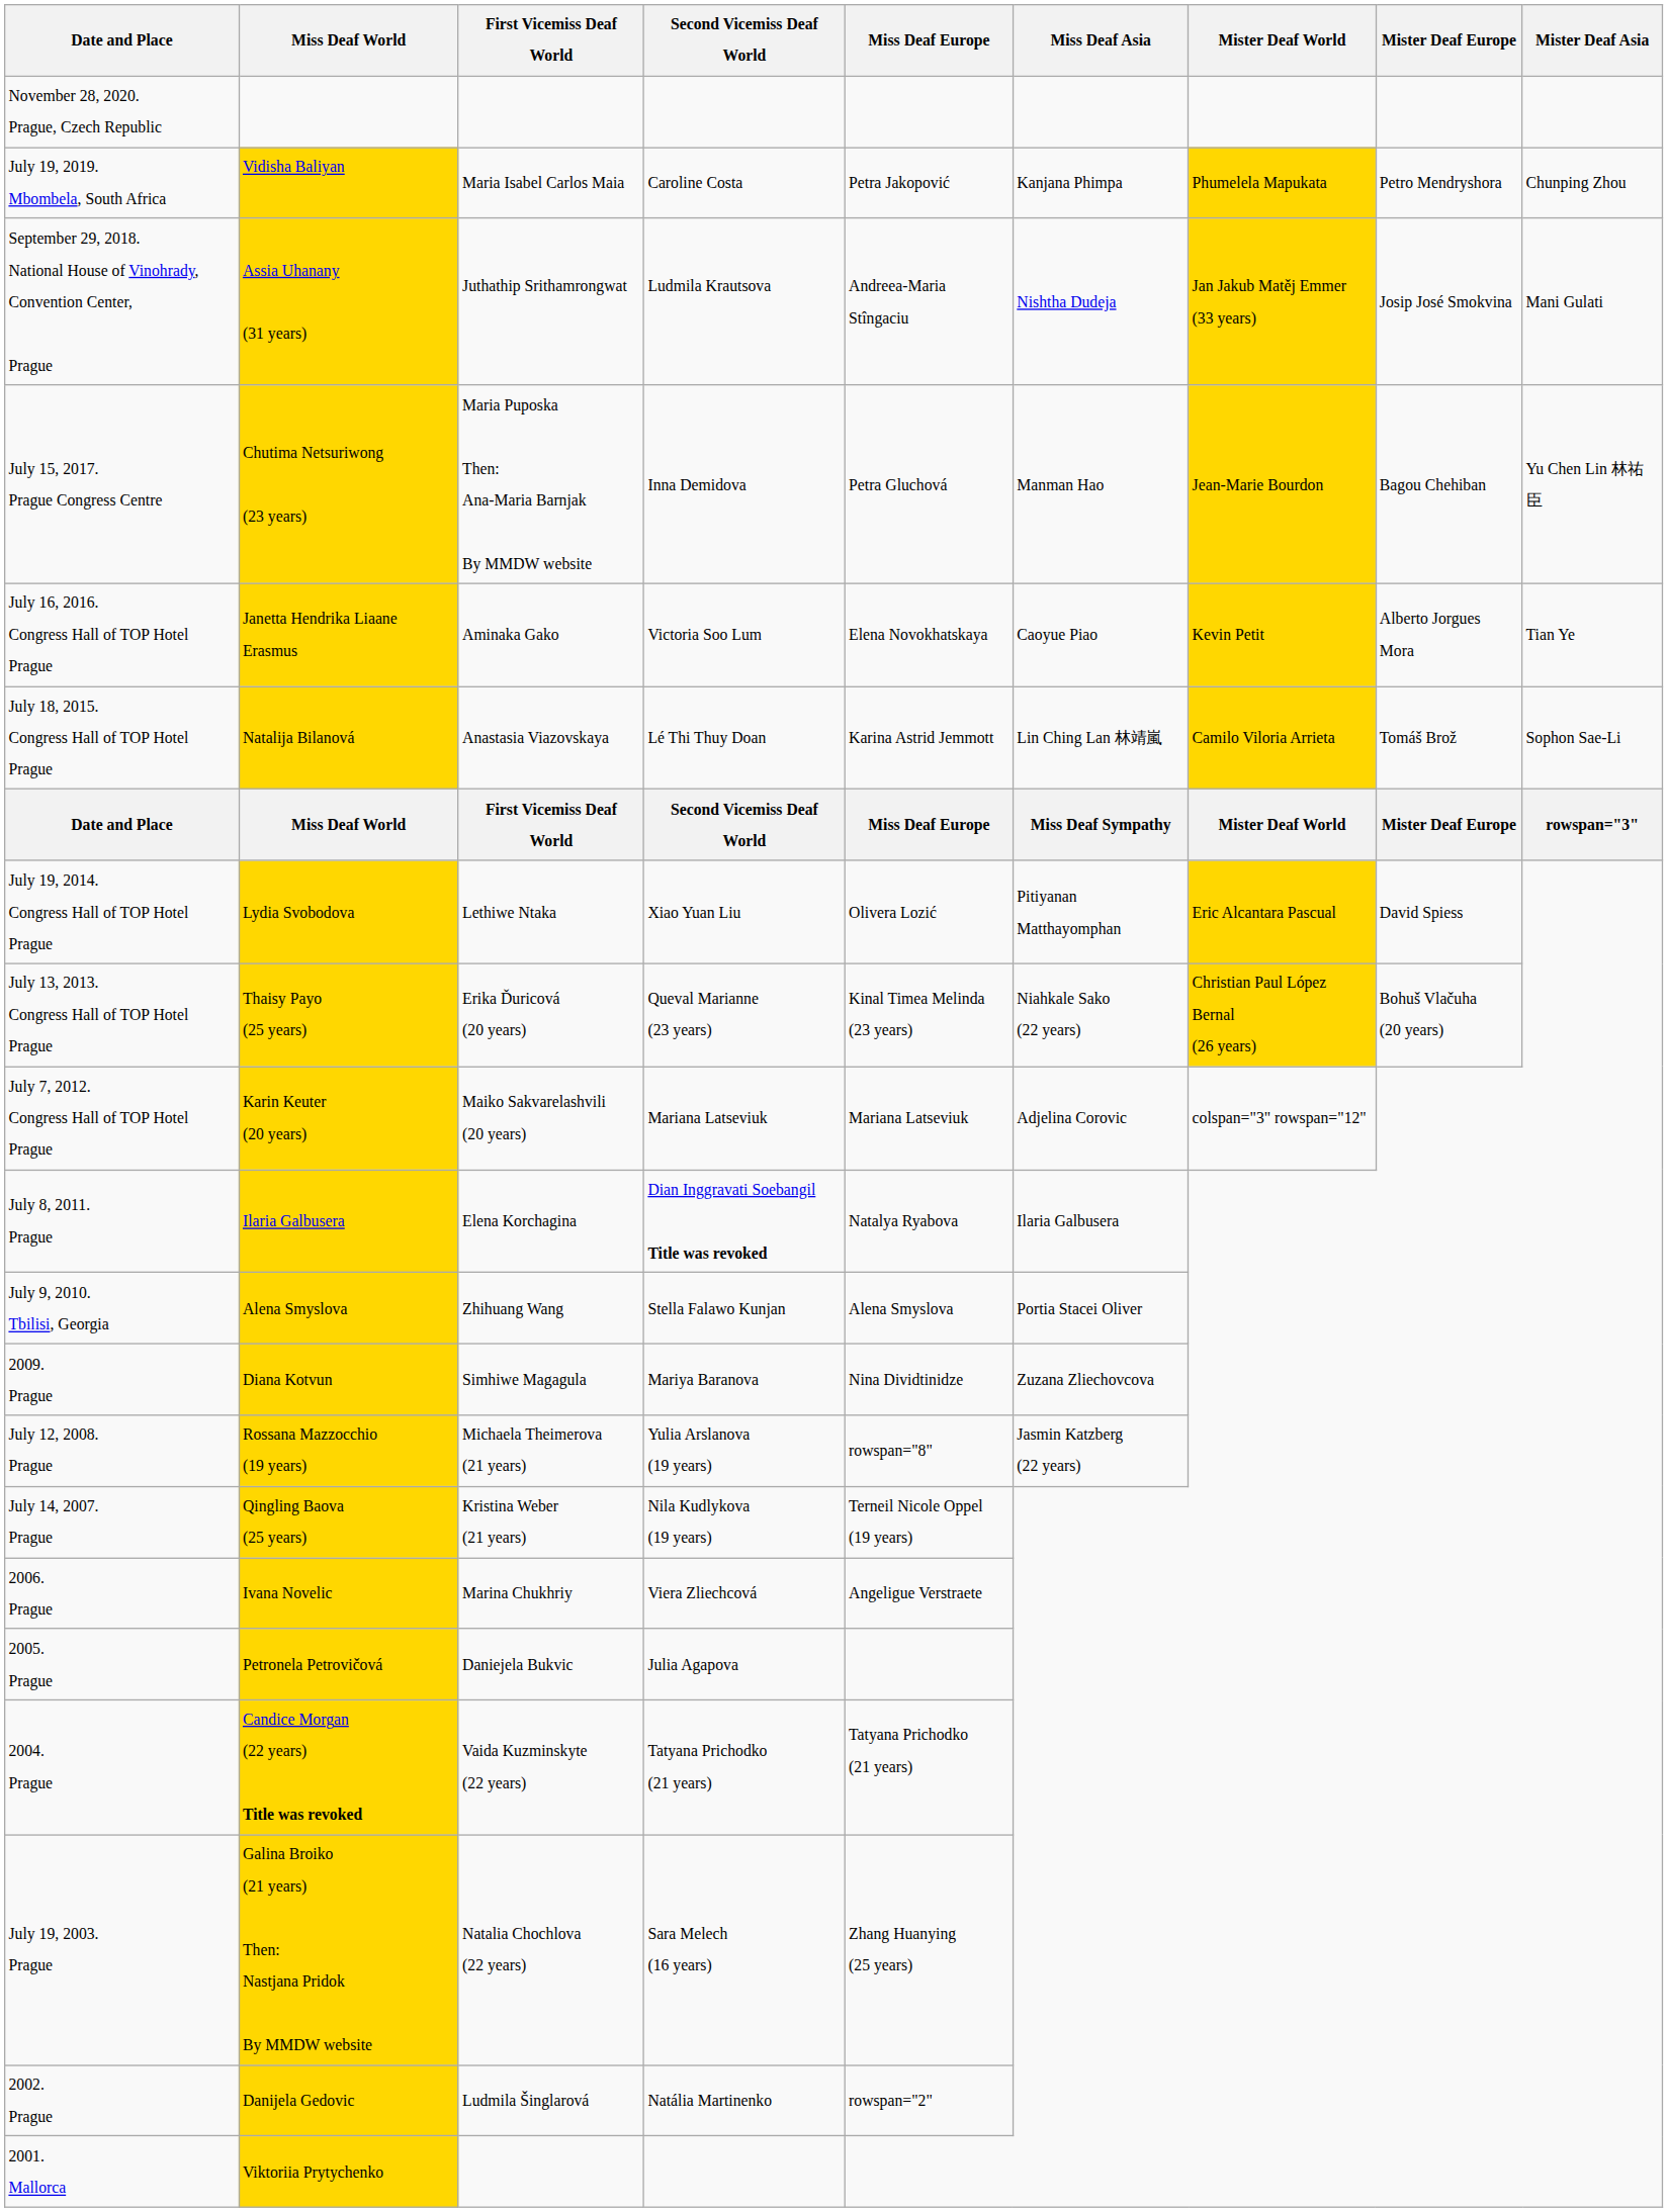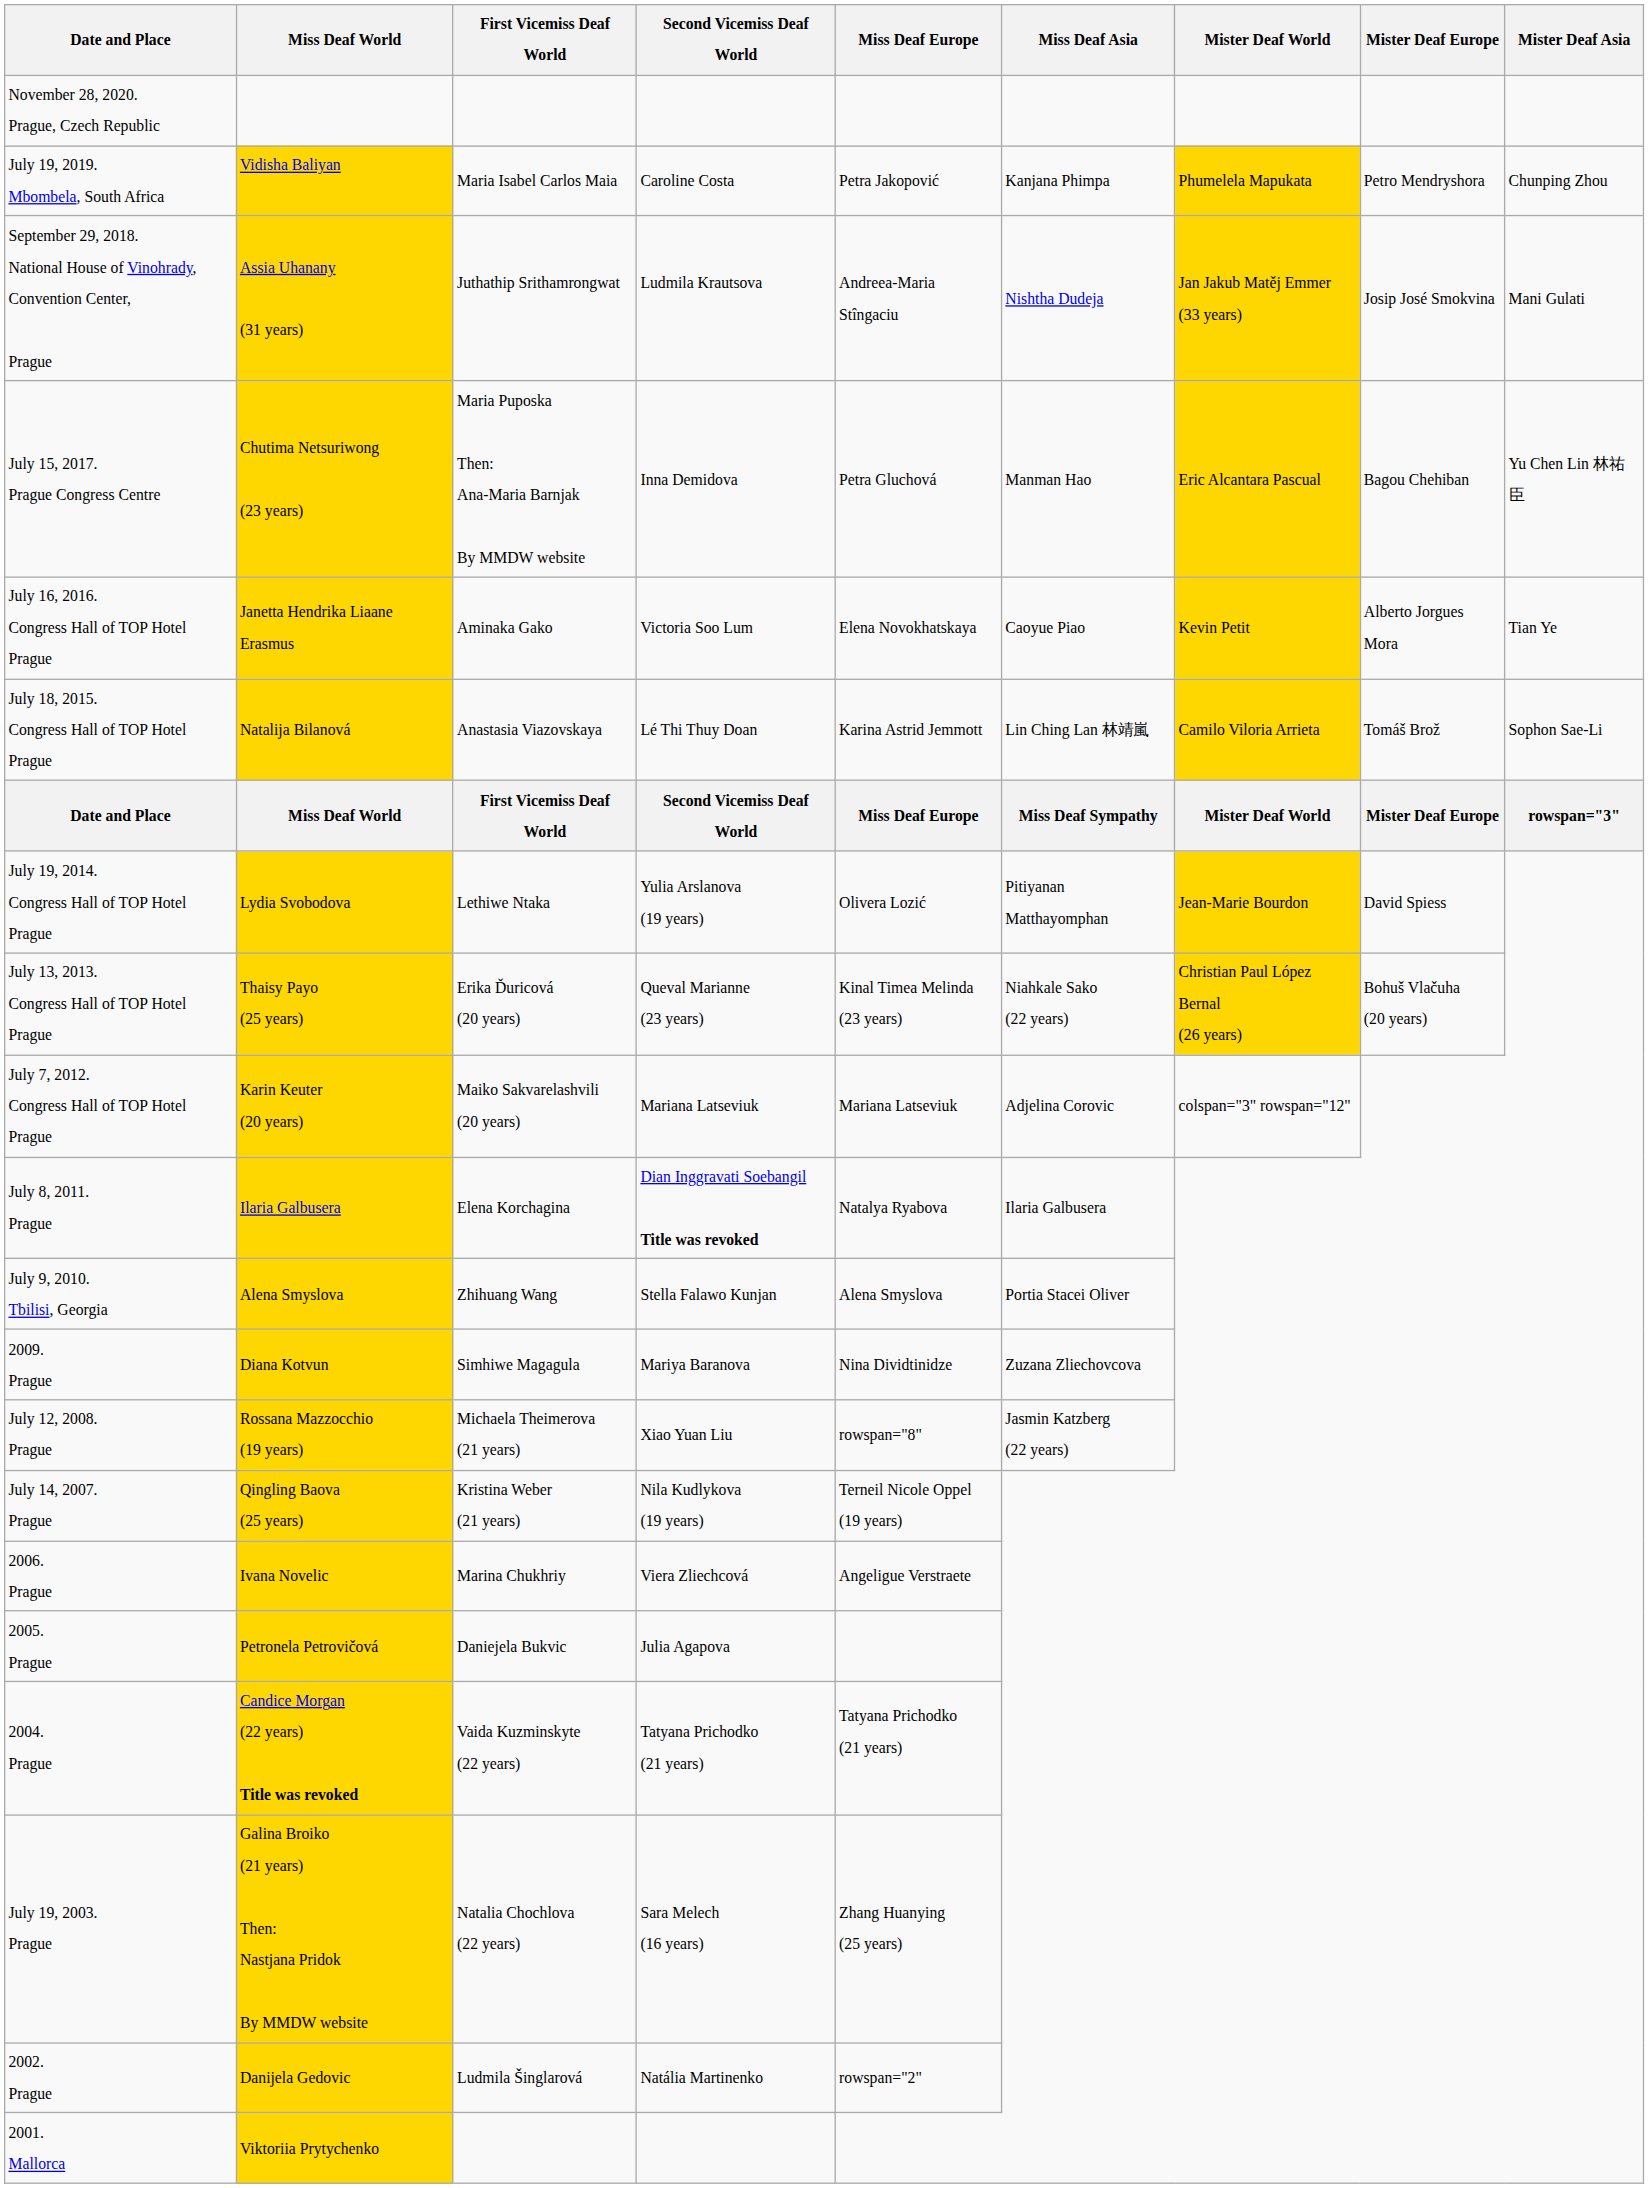 <table class="wikitable" style= "text-align:left; font-size:9pt; line-height:24px;">
 <tr align="center">
 <th>Date and Place</th>
 <th>Miss Deaf World</th>
 <th>First Vicemiss Deaf World</th>
 <th>Second Vicemiss Deaf World</th>
 <th>Miss Deaf Europe</th>
 <th>Miss Deaf Asia</th>
 <th>Mister Deaf World</th>
 <th>Mister Deaf Europe</th>
 <th>Mister Deaf Asia</th>
 </tr>
 <tr>
 <td>November 28, 2020.<br>Prague, Czech Republic</td>
 <td> </td>
 <td> </td>
 <td> </td>
 <td> </td>
 <td> </td>
 <td> </td>
 <td> </td>
 <td> </td>
 </tr>
 <tr>
 <td>July 19, 2019.<br><a href='#'>Mbombela</a>, South Africa</td>
 <td style="background-color:gold"><a href='#'>Vidisha Baliyan</a><br><br></td>
 <td>Maria Isabel Carlos Maia<br></td>
 <td>Caroline Costa<br></td>
 <td>Petra Jakopović<br></td>
 <td>Kanjana Phimpa<br></td>
 <td style="background-color:gold">Phumelela Mapukata<br></td>
 <td>Petro Mendryshora<br></td>
 <td>Chunping Zhou<br></td>
 </tr>
 <tr>
 <td>September 29, 2018.<br>National House of <a href='#'>Vinohrady</a>,<br>Convention Center,<br><br>Prague</td>
 <td style="background-color:gold"><a href='#'>Assia Uhanany</a><br><br>(31 years)<br></td>
 <td>Juthathip Srithamrongwat<br><br></td>
 <td>Ludmila Krautsova<br><br></td>
 <td>Andreea-Maria Stîngaciu<br></td>
 <td><a href='#'>Nishtha Dudeja</a><br></td>
 <td style="background-color:gold">Jan Jakub Matěj Emmer<br>(33 years)<br></td>
 <td>Josip José Smokvina<br></td>
 <td>Mani Gulati<br></td>
 </tr>
 <tr>
 <td>July 15, 2017.<br>Prague Congress Centre<br></td>
 <td style="background-color:gold">Chutima Netsuriwong<br><br>(23 years)<br></td>
 <td>Maria Puposka<br><br>Then:<br>Ana-Maria Barnjak<br><br>By MMDW website</td>
 <td>Inna Demidova<br></td>
 <td>Petra Gluchová<br></td>
 <td>Manman Hao<br></td>
-<td style="background-color:gold">Jean-Marie Bourdon<br></td>
+<td style="background-color:gold">Eric Alcantara Pascual<br></td>
 <td>Bagou Chehiban<br></td>
 <td>Yu Chen Lin 林祐臣 <br></td>
 </tr>
 <tr>
 <td>July 16, 2016.<br>Congress Hall of TOP Hotel Prague</td>
 <td style="background-color:gold">Janetta Hendrika Liaane Erasmus<br></td>
 <td>Aminaka Gako<br></td>
 <td>Victoria Soo Lum<br></td>
 <td>Elena Novokhatskaya<br></td>
 <td>Caoyue Piao<br></td>
 <td style="background-color:gold">Kevin Petit<br></td>
 <td>Alberto Jorgues Mora<br></td>
 <td>Tian Ye<br></td>
 </tr>
 <tr>
 <td>July 18, 2015.<br>Congress Hall of TOP Hotel Prague</td>
 <td style="background-color:gold">Natalija Bilanová<br></td>
 <td>Anastasia Viazovskaya<br></td>
 <td>Lé Thi Thuy Doan<br></td>
 <td>Karina Astrid Jemmott<br></td>
 <td>Lin Ching Lan 林靖嵐<br></td>
 <td style="background-color:gold">Camilo Viloria Arrieta<br></td>
 <td>Tomáš Brož<br></td>
 <td>Sophon Sae-Li<br></td>
 </tr>
 <tr>
 <th>Date and Place</th>
 <th>Miss Deaf World</th>
 <th>First Vicemiss Deaf World</th>
 <th>Second Vicemiss Deaf World</th>
 <th>Miss Deaf Europe</th>
 <th>Miss Deaf Sympathy</th>
 <th>Mister Deaf World</th>
 <th>Mister Deaf Europe</th>
 <th>rowspan="3" </th>
 </tr>
 <tr>
 <td>July 19, 2014.<br>Congress Hall of TOP Hotel Prague</td>
 <td style="background-color:gold">Lydia Svobodova<br></td>
 <td>Lethiwe Ntaka<br></td>
-<td>Xiao Yuan Liu<br></td>
+<td>Yulia Arslanova<br>(19 years)<br></td>
 <td>Olivera Lozić<br></td>
 <td>Pitiyanan Matthayomphan<br></td>
-<td style="background-color:gold">Eric Alcantara Pascual<br></td>
+<td style="background-color:gold">Jean-Marie Bourdon<br></td>
 <td>David Spiess<br></td>
 </tr>
 <tr>
 <td>July 13, 2013.<br>Congress Hall of TOP Hotel Prague</td>
 <td style="background-color:gold">Thaisy Payo<br>(25 years)<br></td>
 <td>Erika Ďuricová<br>(20 years)<br></td>
 <td>Queval Marianne<br>(23 years)<br></td>
 <td>Kinal Timea Melinda<br>(23 years)<br></td>
 <td>Niahkale Sako<br>(22 years)<br></td>
 <td style="background-color:gold">Christian Paul López Bernal<br>(26 years)<br></td>
 <td>Bohuš Vlačuha<br>(20 years)<br></td>
 </tr>
 <tr>
 <td>July 7, 2012.<br>Congress Hall of TOP Hotel Prague</td>
 <td style="background-color:gold">Karin Keuter<br>(20 years)<br></td>
 <td>Maiko Sakvarelashvili<br>(20 years)<br></td>
 <td>Mariana Latseviuk<br></td>
 <td>Mariana Latseviuk<br></td>
 <td>Adjelina Corovic<br></td>
 <td>colspan="3" rowspan="12" </td>
 </tr>
 <tr>
 <td>July 8, 2011.<br>Prague</td>
 <td style="background-color:gold"><a href='#'>Ilaria Galbusera</a><br></td>
 <td>Elena Korchagina<br></td>
 <td><a href='#'>Dian Inggravati Soebangil</a><br><br><strong>Title was revoked</strong></td>
 <td>Natalya Ryabova<br></td>
 <td>Ilaria Galbusera<br></td>
 </tr>
 <tr>
 <td>July 9, 2010.<br><a href='#'>Tbilisi</a>, Georgia</td>
 <td style="background-color:gold">Alena Smyslova<br></td>
 <td>Zhihuang Wang<br></td>
 <td>Stella Falawo Kunjan<br></td>
 <td>Alena Smyslova<br></td>
 <td>Portia Stacei Oliver<br></td>
 </tr>
 <tr>
 <td>2009.<br>Prague</td>
 <td style="background-color:gold">Diana Kotvun<br></td>
 <td>Simhiwe Magagula<br></td>
 <td>Mariya Baranova<br></td>
 <td>Nina Dividtinidze<br></td>
 <td>Zuzana Zliechovcova<br></td>
 </tr>
 <tr>
 <td>July 12, 2008.<br>Prague</td>
 <td style="background-color:gold">Rossana Mazzocchio<br>(19 years)<br></td>
 <td>Michaela Theimerova<br>(21 years)<br></td>
-<td>Yulia Arslanova<br>(19 years)<br></td>
+<td>Xiao Yuan Liu<br></td>
 <td>rowspan="8" </td>
 <td>Jasmin Katzberg<br>(22 years)<br></td>
 </tr>
 <tr>
 <td>July 14, 2007.<br>Prague</td>
 <td style="background-color:gold">Qingling Baova<br>(25 years)<br></td>
 <td>Kristina Weber<br>(21 years)<br></td>
 <td>Nila Kudlykova<br>(19 years)<br></td>
 <td>Terneil Nicole Oppel<br>(19 years)<br></td>
 </tr>
 <tr>
 <td>2006.<br>Prague</td>
 <td style="background-color:gold">Ivana Novelic<br></td>
 <td>Marina Chukhriy<br></td>
 <td>Viera Zliechcová<br></td>
 <td>Angeligue Verstraete<br></td>
 </tr>
 <tr>
 <td>2005.<br>Prague</td>
 <td style="background-color:gold">Petronela Petrovičová<br></td>
 <td>Daniejela Bukvic<br></td>
 <td>Julia Agapova<br></td>
 <td></td>
 </tr>
 <tr>
 <td>2004.<br>Prague</td>
 <td style="background-color:gold"><a href='#'>Candice Morgan</a><br>(22 years)<br><br><strong>Title was revoked</strong></td>
 <td>Vaida Kuzminskyte<br>(22 years)<br></td>
 <td>Tatyana Prichodko<br>(21 years)<br></td>
 <td>Tatyana Prichodko<br>(21 years)<br><br></td>
 </tr>
 <tr>
 <td>July 19, 2003.<br>Prague</td>
 <td style="background-color:gold">Galina Broiko<br>(21 years)<br><br>Then:<br>Nastjana Pridok<br><br>By MMDW website</td>
 <td>Natalia Chochlova<br>(22 years)<br></td>
 <td>Sara Melech<br>(16 years)<br></td>
 <td>Zhang Huanying<br>(25 years)<br></td>
 </tr>
 <tr>
 <td>2002.<br>Prague</td>
 <td style="background-color:gold">Danijela Gedovic<br></td>
 <td>Ludmila Šinglarová<br></td>
 <td>Natália Martinenko<br></td>
 <td>rowspan="2" </td>
 </tr>
 <tr>
 <td>2001.<br><a href='#'>Mallorca</a></td>
 <td style="background-color:gold">Viktoriia Prytychenko<br></td>
 <td></td>
 <td></td>
 </tr>
 </table>
